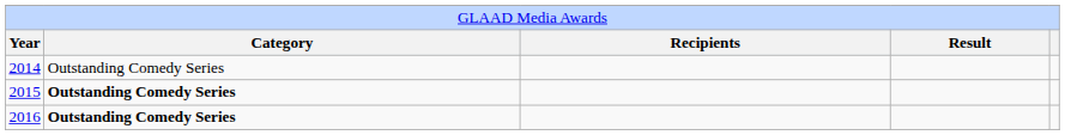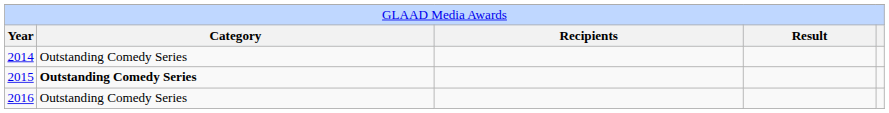 <table class="wikitable plainrowheaders" style="font-size: 100%; width:85%">
 <tr>
 </tr>
 <tr ---- bgcolor="#bfd7ff">
 <td colspan=6 align=center><a href='#'>GLAAD Media Awards</a></td>
 </tr>
 <tr ---- bgcolor="#ebf5ff">
 <th scope="col" style="width:2%;">Year</th>
 <th scope="col" style="width:45%;">Category</th>
 <th scope="col" style="width:35%;">Recipients</th>
 <th scope="col" style="width:15%;">Result</th>
 <th scope="col" class="unsortable" style="width:1%;"></th>
 </tr>
 <tr>
 <td style="text-align:center;"><a href='#'>2014</a></td>
 <td>Outstanding Comedy Series</td>
 <td></td>
 <td></td>
 <td style="text-align:center;"></td>
 </tr>
 <tr>
 <td style="text-align:center;"><a href='#'>2015</a></td>
 <td><strong>Outstanding Comedy Series</strong></td>
 <td></td>
 <td></td>
 <td style="text-align:center;"></td>
 </tr>
 <tr>
 <td style="text-align:center;"><a href='#'>2016</a></td>
-<td><strong>Outstanding Comedy Series</strong></td>
+<td>Outstanding Comedy Series</td>
 <td></td>
 <td></td>
 <td style="text-align:center;"></td>
 </tr>
 </table>
